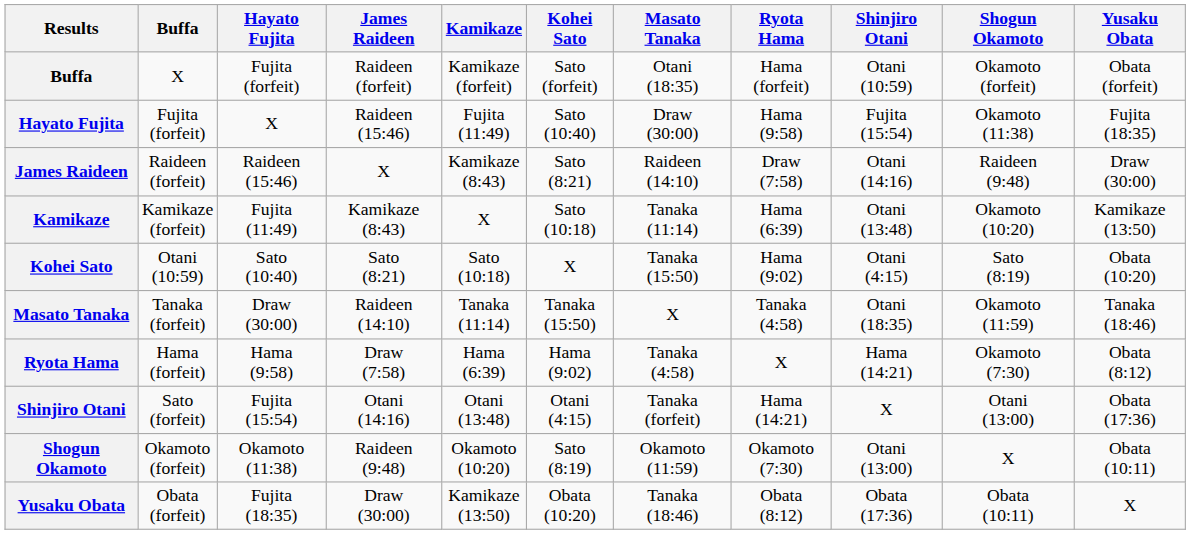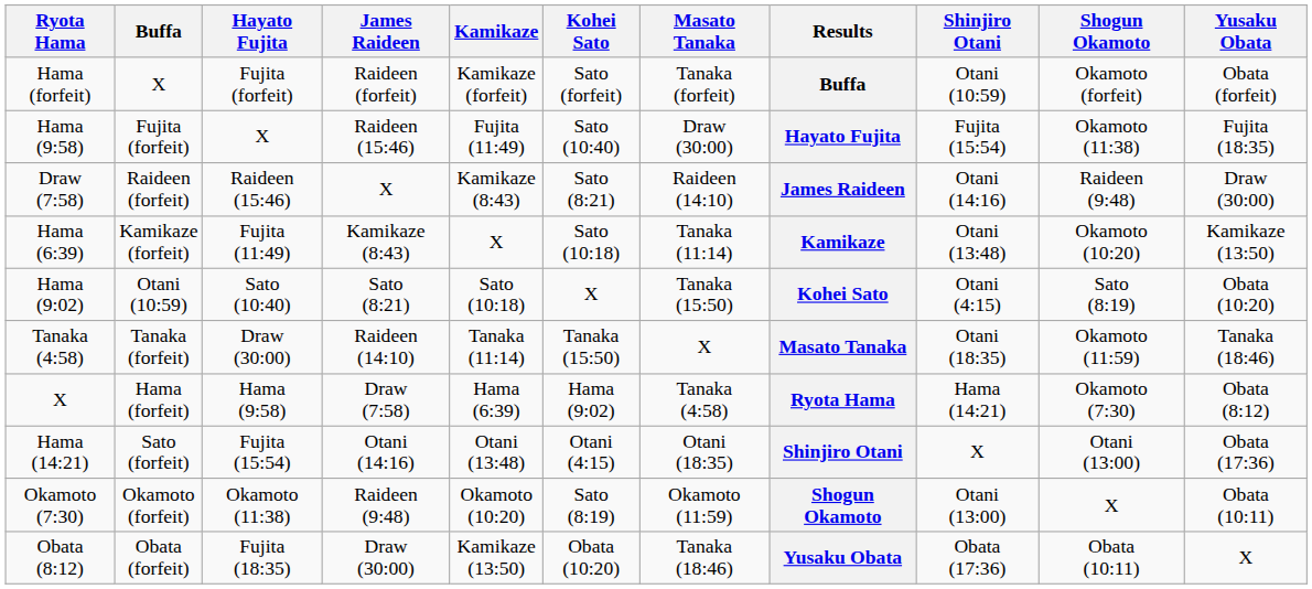 <table class="wikitable" style="text-align:center; margin: 1em auto 1em auto" width=85%>
 <tr>
-<th>Results</th>
+<th><a href='#'>Ryota Hama</a></th>
 <th>Buffa</th>
 <th><a href='#'>Hayato Fujita</a></th>
 <th><a href='#'>James Raideen</a></th>
 <th><a href='#'>Kamikaze</a></th>
 <th><a href='#'>Kohei Sato</a></th>
 <th><a href='#'>Masato Tanaka</a></th>
-<th><a href='#'>Ryota Hama</a></th>
+<th>Results</th>
 <th><a href='#'>Shinjiro Otani</a></th>
 <th><a href='#'>Shogun Okamoto</a></th>
 <th><a href='#'>Yusaku Obata</a></th>
 </tr>
 <tr>
-<th>Buffa</th>
+<td>Hama<br>(forfeit)</td>
 <td>X</td>
 <td>Fujita<br>(forfeit)</td>
 <td>Raideen<br>(forfeit)</td>
 <td>Kamikaze<br>(forfeit)</td>
 <td>Sato<br>(forfeit)</td>
-<td>Otani<br>(18:35)</td>
-<td>Hama<br>(forfeit)</td>
+<td>Tanaka<br>(forfeit)</td>
+<th>Buffa</th>
 <td>Otani<br>(10:59)</td>
 <td>Okamoto<br>(forfeit)</td>
 <td>Obata<br>(forfeit)</td>
 </tr>
 <tr>
-<th><a href='#'>Hayato Fujita</a></th>
+<td>Hama<br>(9:58)</td>
 <td>Fujita<br>(forfeit)</td>
 <td>X</td>
 <td>Raideen<br>(15:46)</td>
 <td>Fujita<br>(11:49)</td>
 <td>Sato<br>(10:40)</td>
 <td>Draw<br>(30:00)</td>
-<td>Hama<br>(9:58)</td>
+<th><a href='#'>Hayato Fujita</a></th>
 <td>Fujita<br>(15:54)</td>
 <td>Okamoto<br>(11:38)</td>
 <td>Fujita<br>(18:35)</td>
 </tr>
 <tr>
-<th><a href='#'>James Raideen</a></th>
+<td>Draw<br>(7:58)</td>
 <td>Raideen<br>(forfeit)</td>
 <td>Raideen<br>(15:46)</td>
 <td>X</td>
 <td>Kamikaze<br>(8:43)</td>
 <td>Sato<br>(8:21)</td>
 <td>Raideen<br>(14:10)</td>
-<td>Draw<br>(7:58)</td>
+<th><a href='#'>James Raideen</a></th>
 <td>Otani<br>(14:16)</td>
 <td>Raideen<br>(9:48)</td>
 <td>Draw<br>(30:00)</td>
 </tr>
 <tr>
-<th><a href='#'>Kamikaze</a></th>
+<td>Hama<br>(6:39)</td>
 <td>Kamikaze<br>(forfeit)</td>
 <td>Fujita<br>(11:49)</td>
 <td>Kamikaze<br>(8:43)</td>
 <td>X</td>
 <td>Sato<br>(10:18)</td>
 <td>Tanaka<br>(11:14)</td>
-<td>Hama<br>(6:39)</td>
+<th><a href='#'>Kamikaze</a></th>
 <td>Otani<br>(13:48)</td>
 <td>Okamoto<br>(10:20)</td>
 <td>Kamikaze<br>(13:50)</td>
 </tr>
 <tr>
-<th><a href='#'>Kohei Sato</a></th>
+<td>Hama<br>(9:02)</td>
 <td>Otani<br>(10:59)</td>
 <td>Sato<br>(10:40)</td>
 <td>Sato<br>(8:21)</td>
 <td>Sato<br>(10:18)</td>
 <td>X</td>
 <td>Tanaka<br>(15:50)</td>
-<td>Hama<br>(9:02)</td>
+<th><a href='#'>Kohei Sato</a></th>
 <td>Otani<br>(4:15)</td>
 <td>Sato<br>(8:19)</td>
 <td>Obata<br>(10:20)</td>
 </tr>
 <tr>
-<th><a href='#'>Masato Tanaka</a></th>
+<td>Tanaka<br>(4:58)</td>
 <td>Tanaka<br>(forfeit)</td>
 <td>Draw<br>(30:00)</td>
 <td>Raideen<br>(14:10)</td>
 <td>Tanaka<br>(11:14)</td>
 <td>Tanaka<br>(15:50)</td>
 <td>X</td>
-<td>Tanaka<br>(4:58)</td>
+<th><a href='#'>Masato Tanaka</a></th>
 <td>Otani<br>(18:35)</td>
 <td>Okamoto<br>(11:59)</td>
 <td>Tanaka<br>(18:46)</td>
 </tr>
 <tr>
-<th><a href='#'>Ryota Hama</a></th>
+<td>X</td>
 <td>Hama<br>(forfeit)</td>
 <td>Hama<br>(9:58)</td>
 <td>Draw<br>(7:58)</td>
 <td>Hama<br>(6:39)</td>
 <td>Hama<br>(9:02)</td>
 <td>Tanaka<br>(4:58)</td>
-<td>X</td>
+<th><a href='#'>Ryota Hama</a></th>
 <td>Hama<br>(14:21)</td>
 <td>Okamoto<br>(7:30)</td>
 <td>Obata<br>(8:12)</td>
 </tr>
 <tr>
-<th><a href='#'>Shinjiro Otani</a></th>
+<td>Hama<br>(14:21)</td>
 <td>Sato<br>(forfeit)</td>
 <td>Fujita<br>(15:54)</td>
 <td>Otani<br>(14:16)</td>
 <td>Otani<br>(13:48)</td>
 <td>Otani<br>(4:15)</td>
-<td>Tanaka<br>(forfeit)</td>
-<td>Hama<br>(14:21)</td>
+<td>Otani<br>(18:35)</td>
+<th><a href='#'>Shinjiro Otani</a></th>
 <td>X</td>
 <td>Otani<br>(13:00)</td>
 <td>Obata<br>(17:36)</td>
 </tr>
 <tr>
-<th><a href='#'>Shogun Okamoto</a></th>
+<td>Okamoto<br>(7:30)</td>
 <td>Okamoto<br>(forfeit)</td>
 <td>Okamoto<br>(11:38)</td>
 <td>Raideen<br>(9:48)</td>
 <td>Okamoto<br>(10:20)</td>
 <td>Sato<br>(8:19)</td>
 <td>Okamoto<br>(11:59)</td>
-<td>Okamoto<br>(7:30)</td>
+<th><a href='#'>Shogun Okamoto</a></th>
 <td>Otani<br>(13:00)</td>
 <td>X</td>
 <td>Obata<br>(10:11)</td>
 </tr>
 <tr>
-<th><a href='#'>Yusaku Obata</a></th>
+<td>Obata<br>(8:12)</td>
 <td>Obata<br>(forfeit)</td>
 <td>Fujita<br>(18:35)</td>
 <td>Draw<br>(30:00)</td>
 <td>Kamikaze<br>(13:50)</td>
 <td>Obata<br>(10:20)</td>
 <td>Tanaka<br>(18:46)</td>
-<td>Obata<br>(8:12)</td>
+<th><a href='#'>Yusaku Obata</a></th>
 <td>Obata<br>(17:36)</td>
 <td>Obata<br>(10:11)</td>
 <td>X</td>
 </tr>
 </table>
